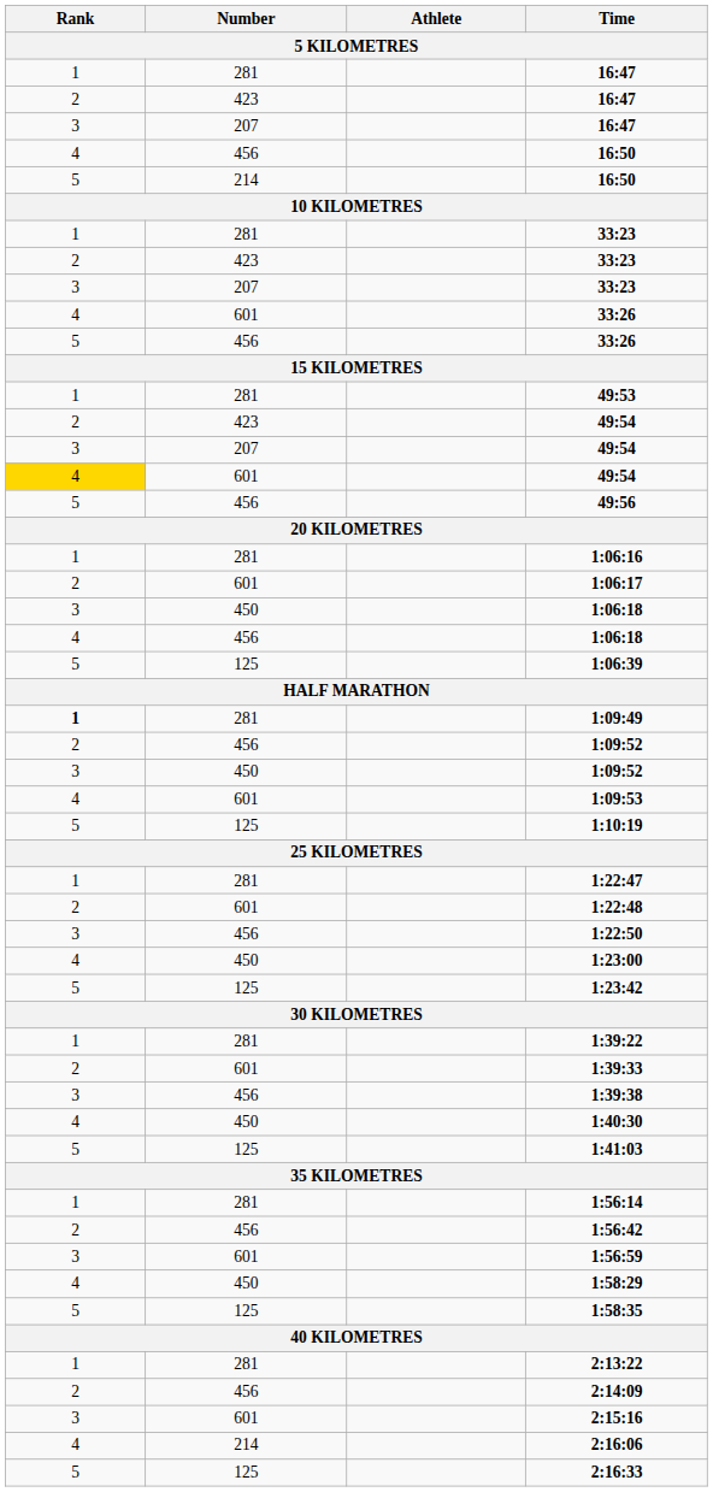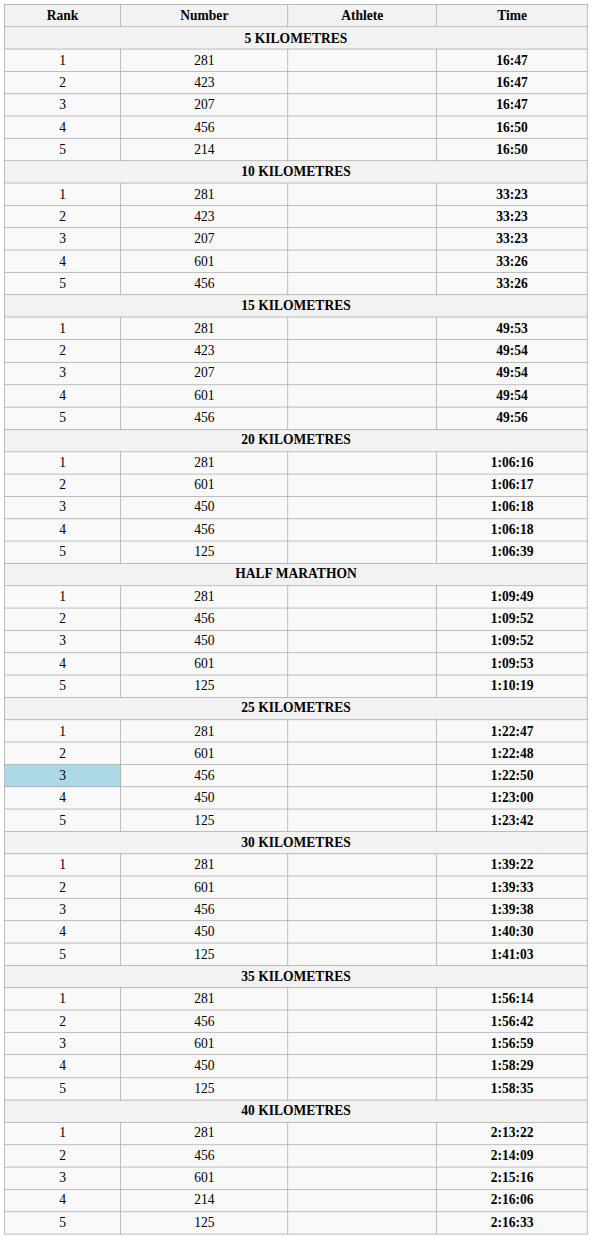 <table class="wikitable" style=" text-align:center; font-size:110%;" width="60%">
 <tr>
 <th>Rank</th>
 <th>Number</th>
 <th>Athlete</th>
 <th>Time</th>
 </tr>
 <tr>
 <th colspan="4">5 KILOMETRES</th>
 </tr>
 <tr>
 <td>1</td>
 <td>281</td>
 <td align=left></td>
 <td><strong>16:47</strong></td>
 </tr>
 <tr>
 <td>2</td>
 <td>423</td>
 <td align=left></td>
 <td><strong>16:47</strong></td>
 </tr>
 <tr>
 <td>3</td>
 <td>207</td>
 <td align=left></td>
 <td><strong>16:47</strong></td>
 </tr>
 <tr>
 <td>4</td>
 <td>456</td>
 <td align=left></td>
 <td><strong>16:50</strong></td>
 </tr>
 <tr>
 <td>5</td>
 <td>214</td>
 <td align=left></td>
 <td><strong>16:50</strong></td>
 </tr>
 <tr>
 <th colspan="4">10 KILOMETRES</th>
 </tr>
 <tr>
 <td>1</td>
 <td>281</td>
 <td align=left></td>
 <td><strong>33:23</strong></td>
 </tr>
 <tr>
 <td>2</td>
 <td>423</td>
 <td align=left></td>
 <td><strong>33:23</strong></td>
 </tr>
 <tr>
 <td>3</td>
 <td>207</td>
 <td align=left></td>
 <td><strong>33:23</strong></td>
 </tr>
 <tr>
 <td>4</td>
 <td>601</td>
 <td align=left></td>
 <td><strong>33:26</strong></td>
 </tr>
 <tr>
 <td>5</td>
 <td>456</td>
 <td align=left></td>
 <td><strong>33:26</strong></td>
 </tr>
 <tr>
 <th colspan="4">15 KILOMETRES</th>
 </tr>
 <tr>
 <td>1</td>
 <td>281</td>
 <td align=left></td>
 <td><strong>49:53</strong></td>
 </tr>
 <tr>
 <td>2</td>
 <td>423</td>
 <td align=left></td>
 <td><strong>49:54</strong></td>
 </tr>
 <tr>
 <td>3</td>
 <td>207</td>
 <td align=left></td>
 <td><strong>49:54</strong></td>
 </tr>
 <tr>
-<td style="background: gold;">4</td>
+<td>4</td>
 <td>601</td>
 <td align=left></td>
 <td><strong>49:54</strong></td>
 </tr>
 <tr>
 <td>5</td>
 <td>456</td>
 <td align=left></td>
 <td><strong>49:56</strong></td>
 </tr>
 <tr>
 <th colspan="4">20 KILOMETRES</th>
 </tr>
 <tr>
 <td>1</td>
 <td>281</td>
 <td align=left></td>
 <td><strong>1:06:16</strong></td>
 </tr>
 <tr>
 <td>2</td>
 <td>601</td>
 <td align=left></td>
 <td><strong>1:06:17</strong></td>
 </tr>
 <tr>
 <td>3</td>
 <td>450</td>
 <td align=left></td>
 <td><strong>1:06:18</strong></td>
 </tr>
 <tr>
 <td>4</td>
 <td>456</td>
 <td align=left></td>
 <td><strong>1:06:18</strong></td>
 </tr>
 <tr>
 <td>5</td>
 <td>125</td>
 <td align=left></td>
 <td><strong>1:06:39</strong></td>
 </tr>
 <tr>
 <th colspan="4">HALF MARATHON</th>
 </tr>
 <tr>
-<td><strong>1</strong></td>
+<td>1</td>
 <td>281</td>
 <td align=left></td>
 <td><strong>1:09:49</strong></td>
 </tr>
 <tr>
 <td>2</td>
 <td>456</td>
 <td align=left></td>
 <td><strong>1:09:52</strong></td>
 </tr>
 <tr>
 <td>3</td>
 <td>450</td>
 <td align=left></td>
 <td><strong>1:09:52</strong></td>
 </tr>
 <tr>
 <td>4</td>
 <td>601</td>
 <td align=left></td>
 <td><strong>1:09:53</strong></td>
 </tr>
 <tr>
 <td>5</td>
 <td>125</td>
 <td align=left></td>
 <td><strong>1:10:19</strong></td>
 </tr>
 <tr>
 <th colspan="4">25 KILOMETRES</th>
 </tr>
 <tr>
 <td>1</td>
 <td>281</td>
 <td align=left></td>
 <td><strong>1:22:47</strong></td>
 </tr>
 <tr>
 <td>2</td>
 <td>601</td>
 <td align=left></td>
 <td><strong>1:22:48</strong></td>
 </tr>
 <tr>
-<td>3</td>
+<td style="background: lightblue;">3</td>
 <td>456</td>
 <td align=left></td>
 <td><strong>1:22:50</strong></td>
 </tr>
 <tr>
 <td>4</td>
 <td>450</td>
 <td align=left></td>
 <td><strong>1:23:00</strong></td>
 </tr>
 <tr>
 <td>5</td>
 <td>125</td>
 <td align=left></td>
 <td><strong>1:23:42</strong></td>
 </tr>
 <tr>
 <th colspan="4">30 KILOMETRES</th>
 </tr>
 <tr>
 <td>1</td>
 <td>281</td>
 <td align=left></td>
 <td><strong>1:39:22</strong></td>
 </tr>
 <tr>
 <td>2</td>
 <td>601</td>
 <td align=left></td>
 <td><strong>1:39:33</strong></td>
 </tr>
 <tr>
 <td>3</td>
 <td>456</td>
 <td align=left></td>
 <td><strong>1:39:38</strong></td>
 </tr>
 <tr>
 <td>4</td>
 <td>450</td>
 <td align=left></td>
 <td><strong>1:40:30</strong></td>
 </tr>
 <tr>
 <td>5</td>
 <td>125</td>
 <td align=left></td>
 <td><strong>1:41:03</strong></td>
 </tr>
 <tr>
 <th colspan="4">35 KILOMETRES</th>
 </tr>
 <tr>
 <td>1</td>
 <td>281</td>
 <td align=left></td>
 <td><strong>1:56:14</strong></td>
 </tr>
 <tr>
 <td>2</td>
 <td>456</td>
 <td align=left></td>
 <td><strong>1:56:42</strong></td>
 </tr>
 <tr>
 <td>3</td>
 <td>601</td>
 <td align=left></td>
 <td><strong>1:56:59</strong></td>
 </tr>
 <tr>
 <td>4</td>
 <td>450</td>
 <td align=left></td>
 <td><strong>1:58:29</strong></td>
 </tr>
 <tr>
 <td>5</td>
 <td>125</td>
 <td align=left></td>
 <td><strong>1:58:35</strong></td>
 </tr>
 <tr>
 <th colspan="4">40 KILOMETRES</th>
 </tr>
 <tr>
 <td>1</td>
 <td>281</td>
 <td align=left></td>
 <td><strong>2:13:22</strong></td>
 </tr>
 <tr>
 <td>2</td>
 <td>456</td>
 <td align=left></td>
 <td><strong>2:14:09</strong></td>
 </tr>
 <tr>
 <td>3</td>
 <td>601</td>
 <td align=left></td>
 <td><strong>2:15:16</strong></td>
 </tr>
 <tr>
 <td>4</td>
 <td>214</td>
 <td align=left></td>
 <td><strong>2:16:06</strong></td>
 </tr>
 <tr>
 <td>5</td>
 <td>125</td>
 <td align=left></td>
 <td><strong>2:16:33</strong></td>
 </tr>
 </table>
